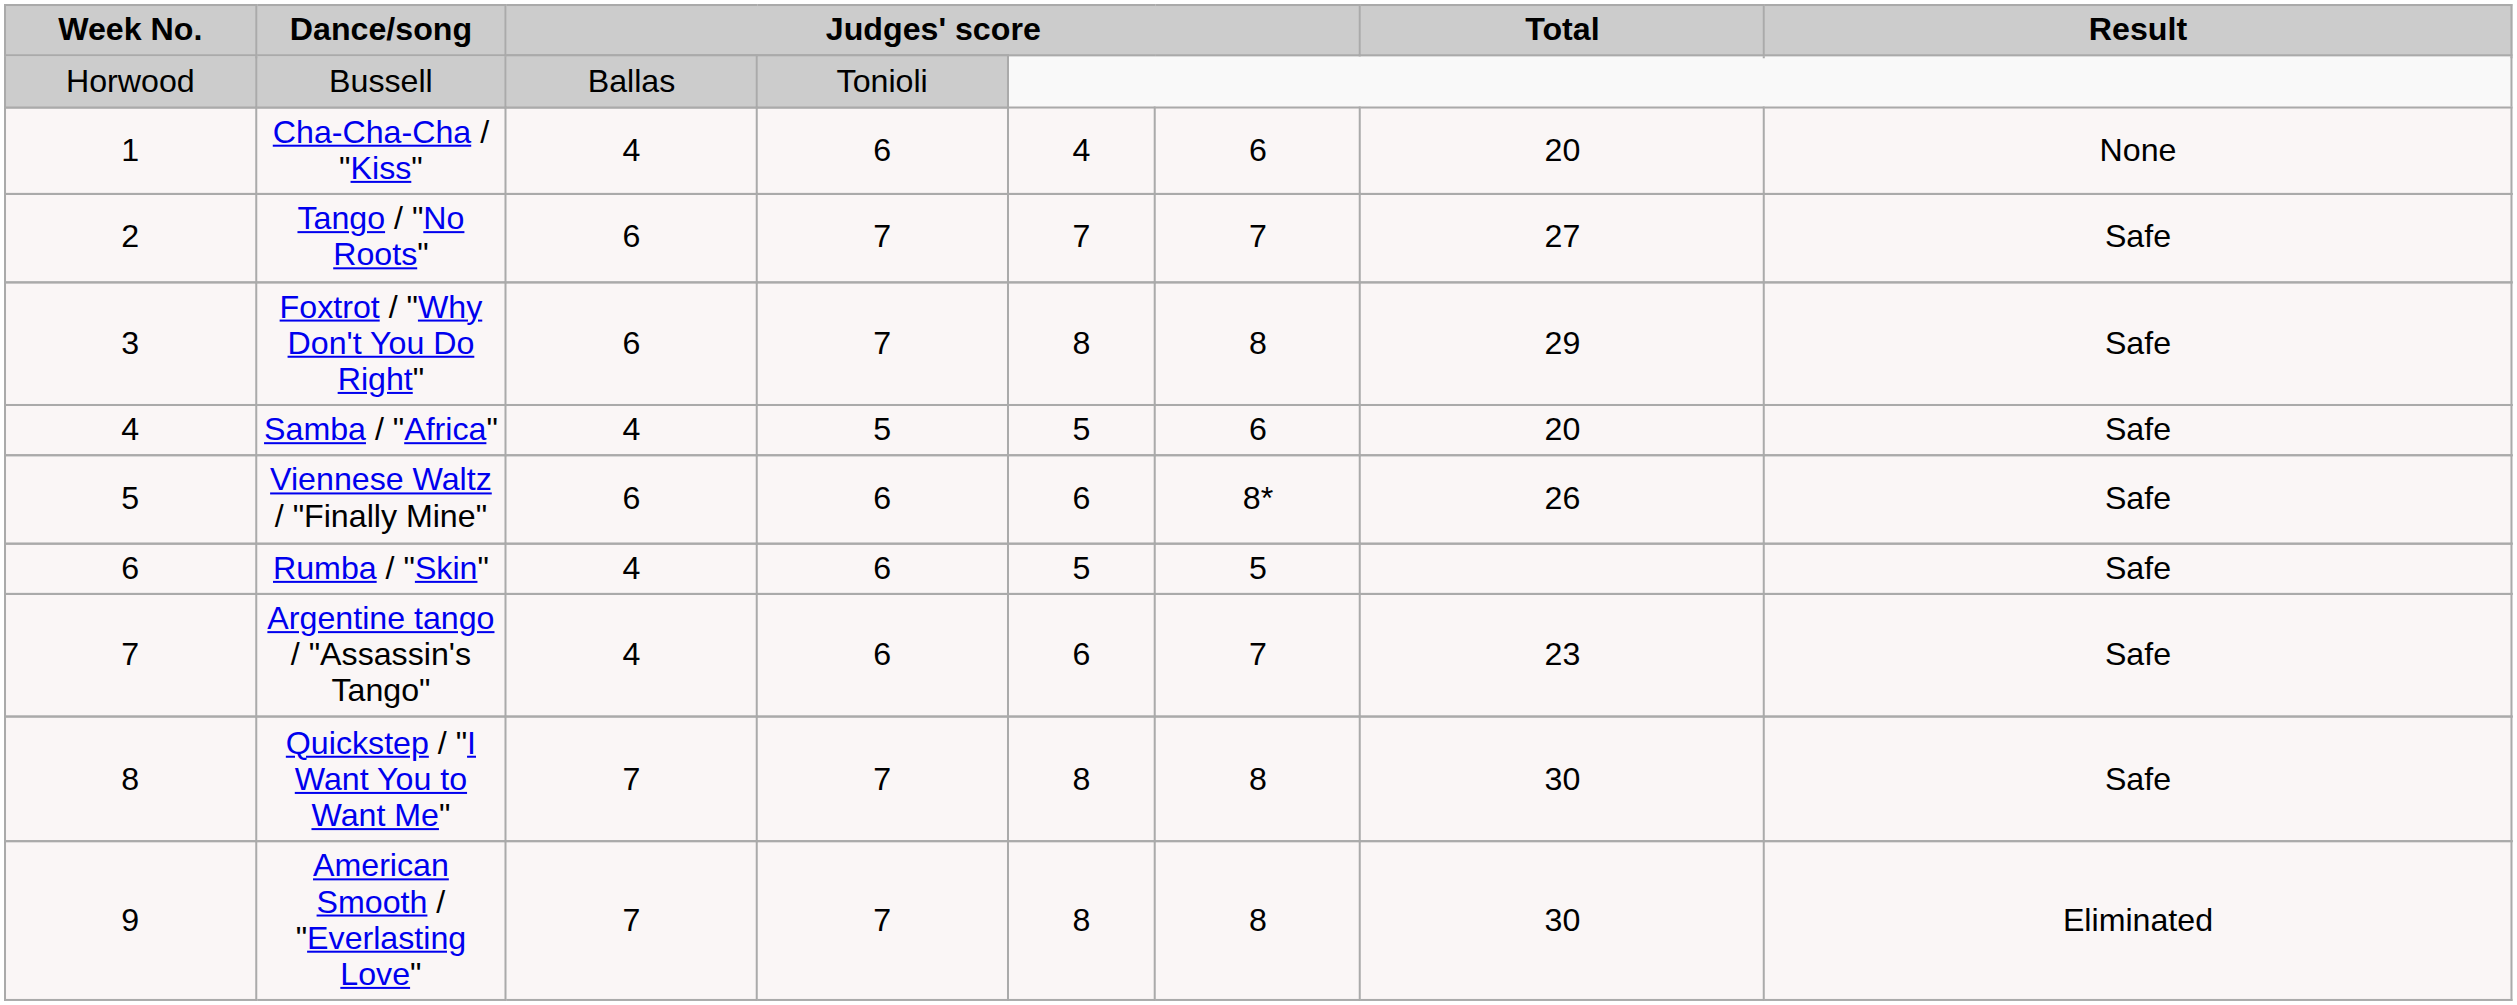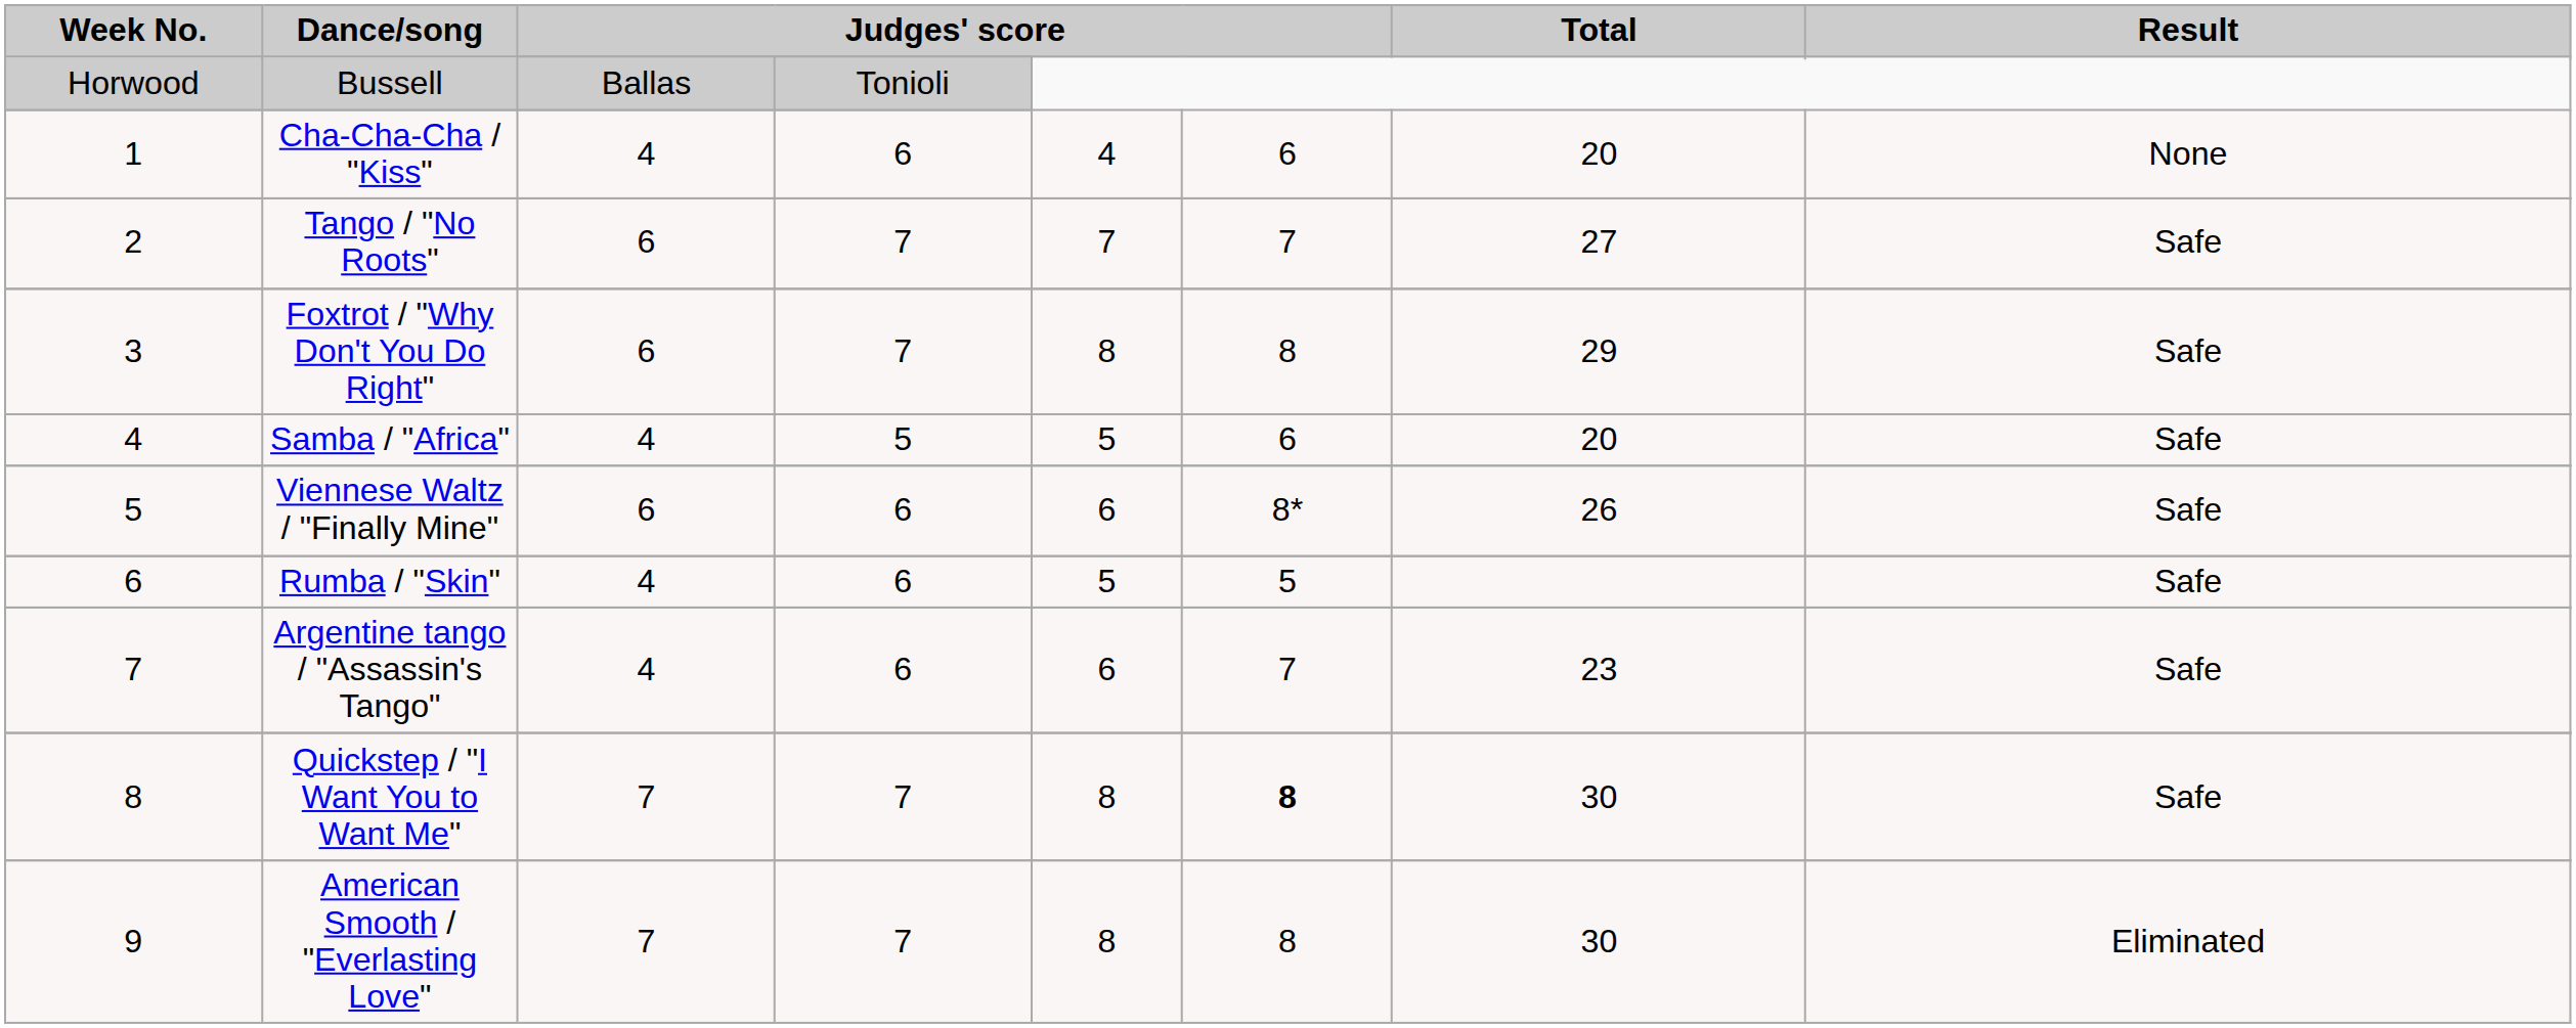 <table | class="wikitable collapsible collapsed">
 <tr>
 <td rowspan="2" bgcolor="CCCCCC" align="Center"><strong>Week No.</strong></td>
 <td rowspan="2" bgcolor="CCCCCC" align="Center"><strong>Dance/song</strong></td>
 <td colspan="4" bgcolor="CCCCCC" align="Center"><strong>Judges' score</strong></td>
 <td rowspan="2" bgcolor="CCCCCC" align="Center"><strong>Total</strong></td>
 <td rowspan="2" bgcolor="CCCCCC" align="Center"><strong>Result</strong></td>
 </tr>
 <tr>
 </tr>
 <tr>
 <td bgcolor="CCCCCC" width="10%" align="center">Horwood</td>
 <td bgcolor="CCCCCC" width="10%" align="center">Bussell</td>
 <td bgcolor="CCCCCC" width="10%" align="center">Ballas</td>
 <td bgcolor="CCCCCC" width="10%" align="center">Tonioli</td>
 </tr>
 <tr>
 </tr>
 <tr>
 <td align="center" bgcolor="FAF6F6">1</td>
 <td align="center" bgcolor="FAF6F6"><a href='#'>Cha-Cha-Cha</a> / "<a href='#'>Kiss</a>"</td>
 <td align="center" bgcolor="FAF6F6">4</td>
 <td align="center" bgcolor="FAF6F6">6</td>
 <td align="center" bgcolor="FAF6F6">4</td>
 <td align="center" bgcolor="FAF6F6">6</td>
 <td align="center" bgcolor="FAF6F6">20</td>
 <td align="center" bgcolor="FAF6F6">None</td>
 </tr>
 <tr>
 </tr>
 <tr>
 <td align="center" bgcolor="FAF6F6">2</td>
 <td align="center" bgcolor="FAF6F6"><a href='#'>Tango</a> / "<a href='#'>No Roots</a>"</td>
 <td align="center" bgcolor="FAF6F6">6</td>
 <td align="center" bgcolor="FAF6F6">7</td>
 <td align="center" bgcolor="FAF6F6">7</td>
 <td align="center" bgcolor="FAF6F6">7</td>
 <td align="center" bgcolor="FAF6F6">27</td>
 <td align="center" bgcolor="FAF6F6">Safe</td>
 </tr>
 <tr>
 </tr>
 <tr>
 <td align="center" bgcolor="FAF6F6">3</td>
 <td align="center" bgcolor="FAF6F6"><a href='#'>Foxtrot</a> / "<a href='#'>Why Don't You Do Right</a>"</td>
 <td align="center" bgcolor="FAF6F6">6</td>
 <td align="center" bgcolor="FAF6F6">7</td>
 <td align="center" bgcolor="FAF6F6">8</td>
 <td align="center" bgcolor="FAF6F6">8</td>
 <td align="center" bgcolor="FAF6F6">29</td>
 <td align="center" bgcolor="FAF6F6">Safe</td>
 </tr>
 <tr>
 </tr>
 <tr>
 <td align="center" bgcolor="FAF6F6">4</td>
 <td align="center" bgcolor="FAF6F6"><a href='#'>Samba</a> / "<a href='#'>Africa</a>"</td>
 <td align="center" bgcolor="FAF6F6">4</td>
 <td align="center" bgcolor="FAF6F6">5</td>
 <td align="center" bgcolor="FAF6F6">5</td>
 <td align="center" bgcolor="FAF6F6">6</td>
 <td align="center" bgcolor="FAF6F6">20</td>
 <td align="center" bgcolor="FAF6F6">Safe</td>
 </tr>
 <tr>
 </tr>
 <tr>
 <td align="center" bgcolor="FAF6F6">5</td>
 <td align="center" bgcolor="FAF6F6"><a href='#'>Viennese Waltz</a> / "Finally Mine"</td>
 <td align="center" bgcolor="FAF6F6">6</td>
 <td align="center" bgcolor="FAF6F6">6</td>
 <td align="center" bgcolor="FAF6F6">6</td>
 <td align="center" bgcolor="FAF6F6">8*</td>
 <td align="center" bgcolor="FAF6F6">26</td>
 <td align="center" bgcolor="FAF6F6">Safe</td>
 </tr>
 <tr>
 </tr>
 <tr>
 <td align="center" bgcolor="FAF6F6">6</td>
 <td align="center" bgcolor="FAF6F6"><a href='#'>Rumba</a> / "<a href='#'>Skin</a>"</td>
 <td align="center" bgcolor="FAF6F6">4</td>
 <td align="center" bgcolor="FAF6F6">6</td>
 <td align="center" bgcolor="FAF6F6">5</td>
 <td align="center" bgcolor="FAF6F6">5</td>
 <td align="center" bgcolor="FAF6F6"></td>
 <td align="center" bgcolor="FAF6F6">Safe</td>
 </tr>
 <tr>
 </tr>
 <tr>
 <td align="center" bgcolor="FAF6F6">7</td>
 <td align="center" bgcolor="FAF6F6"><a href='#'>Argentine tango</a> / "Assassin's Tango"</td>
 <td align="center" bgcolor="FAF6F6">4</td>
 <td align="center" bgcolor="FAF6F6">6</td>
 <td align="center" bgcolor="FAF6F6">6</td>
 <td align="center" bgcolor="FAF6F6">7</td>
 <td align="center" bgcolor="FAF6F6">23</td>
 <td align="center" bgcolor="FAF6F6">Safe</td>
 </tr>
 <tr>
 </tr>
 <tr>
 <td align="center" bgcolor="FAF6F6">8</td>
 <td align="center" bgcolor="FAF6F6"><a href='#'>Quickstep</a> / "<a href='#'>I Want You to Want Me</a>"</td>
 <td align="center" bgcolor="FAF6F6">7</td>
 <td align="center" bgcolor="FAF6F6">7</td>
 <td align="center" bgcolor="FAF6F6">8</td>
-<td align="center" bgcolor="FAF6F6">8</td>
+<td align="center" bgcolor="FAF6F6"><strong>8</strong></td>
 <td align="center" bgcolor="FAF6F6">30</td>
 <td align="center" bgcolor="FAF6F6">Safe</td>
 </tr>
 <tr>
 </tr>
 <tr>
 <td align="center" bgcolor="FAF6F6">9</td>
 <td align="center" bgcolor="FAF6F6"><a href='#'>American Smooth</a> / "<a href='#'>Everlasting Love</a>"</td>
 <td align="center" bgcolor="FAF6F6">7</td>
 <td align="center" bgcolor="FAF6F6">7</td>
 <td align="center" bgcolor="FAF6F6">8</td>
 <td align="center" bgcolor="FAF6F6">8</td>
 <td align="center" bgcolor="FAF6F6">30</td>
 <td align="center" bgcolor="FAF6F6">Eliminated</td>
 </tr>
 </table>
